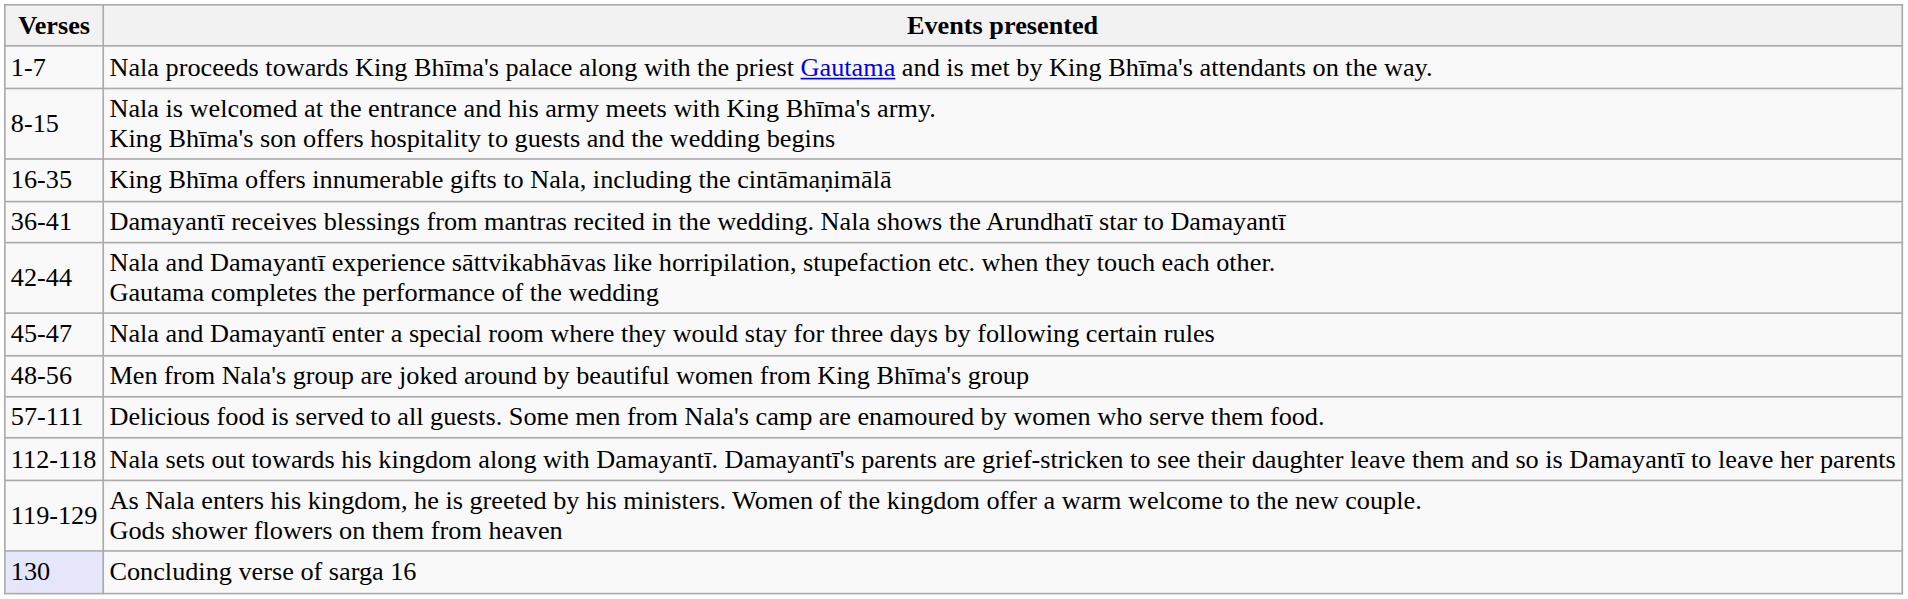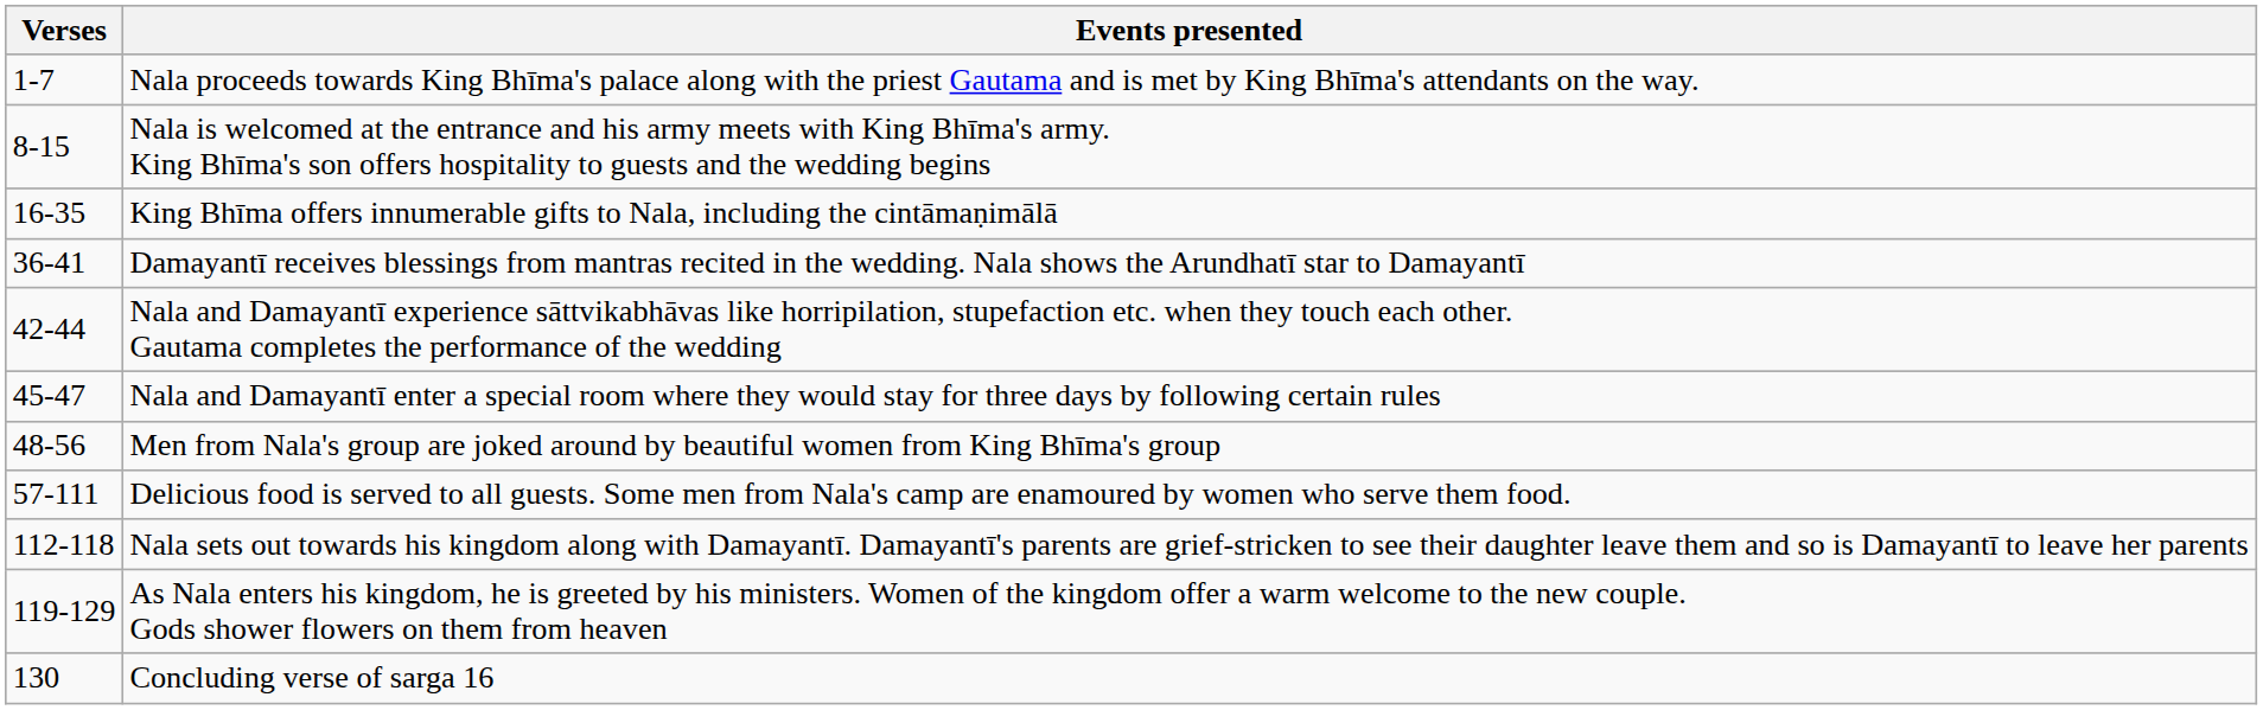 <table class="wikitable">
 <tr>
 <th>Verses</th>
 <th>Events presented</th>
 </tr>
 <tr>
 <td>1-7</td>
 <td>Nala proceeds towards King Bhīma's palace along with the priest <a href='#'>Gautama</a> and is met by King Bhīma's attendants on the way.</td>
 </tr>
 <tr>
 <td>8-15</td>
 <td>Nala is welcomed at the entrance and his army meets with King Bhīma's army. <br>King Bhīma's son offers hospitality to guests and the wedding begins</td>
 </tr>
 <tr>
 <td>16-35</td>
 <td>King Bhīma offers innumerable gifts to Nala, including the cintāmaṇimālā</td>
 </tr>
 <tr>
 <td>36-41</td>
 <td>Damayantī receives blessings from mantras recited in the wedding. Nala shows the Arundhatī star to Damayantī</td>
 </tr>
 <tr>
 <td>42-44</td>
 <td>Nala and Damayantī experience sāttvikabhāvas like horripilation, stupefaction etc. when they touch each other. <br>Gautama completes the performance of the wedding</td>
 </tr>
 <tr>
 <td>45-47</td>
 <td>Nala and Damayantī enter a special room where they would stay for three days by following certain rules</td>
 </tr>
 <tr>
 <td>48-56</td>
 <td>Men from Nala's group are joked around by beautiful women from King Bhīma's group</td>
 </tr>
 <tr>
 <td>57-111</td>
 <td>Delicious food is served to all guests. Some men from Nala's camp are enamoured by women who serve them food.</td>
 </tr>
 <tr>
 <td>112-118</td>
 <td>Nala sets out towards his kingdom along with Damayantī. Damayantī's parents are grief-stricken to see their daughter leave them and so is Damayantī to leave her parents</td>
 </tr>
 <tr>
 <td>119-129</td>
 <td>As Nala enters his kingdom, he is greeted by his ministers. Women of the kingdom offer a warm welcome to the new couple. <br>Gods shower flowers on them from heaven</td>
 </tr>
 <tr>
-<td style="background: lavender;">130</td>
+<td>130</td>
 <td>Concluding verse of sarga 16</td>
 </tr>
 </table>
